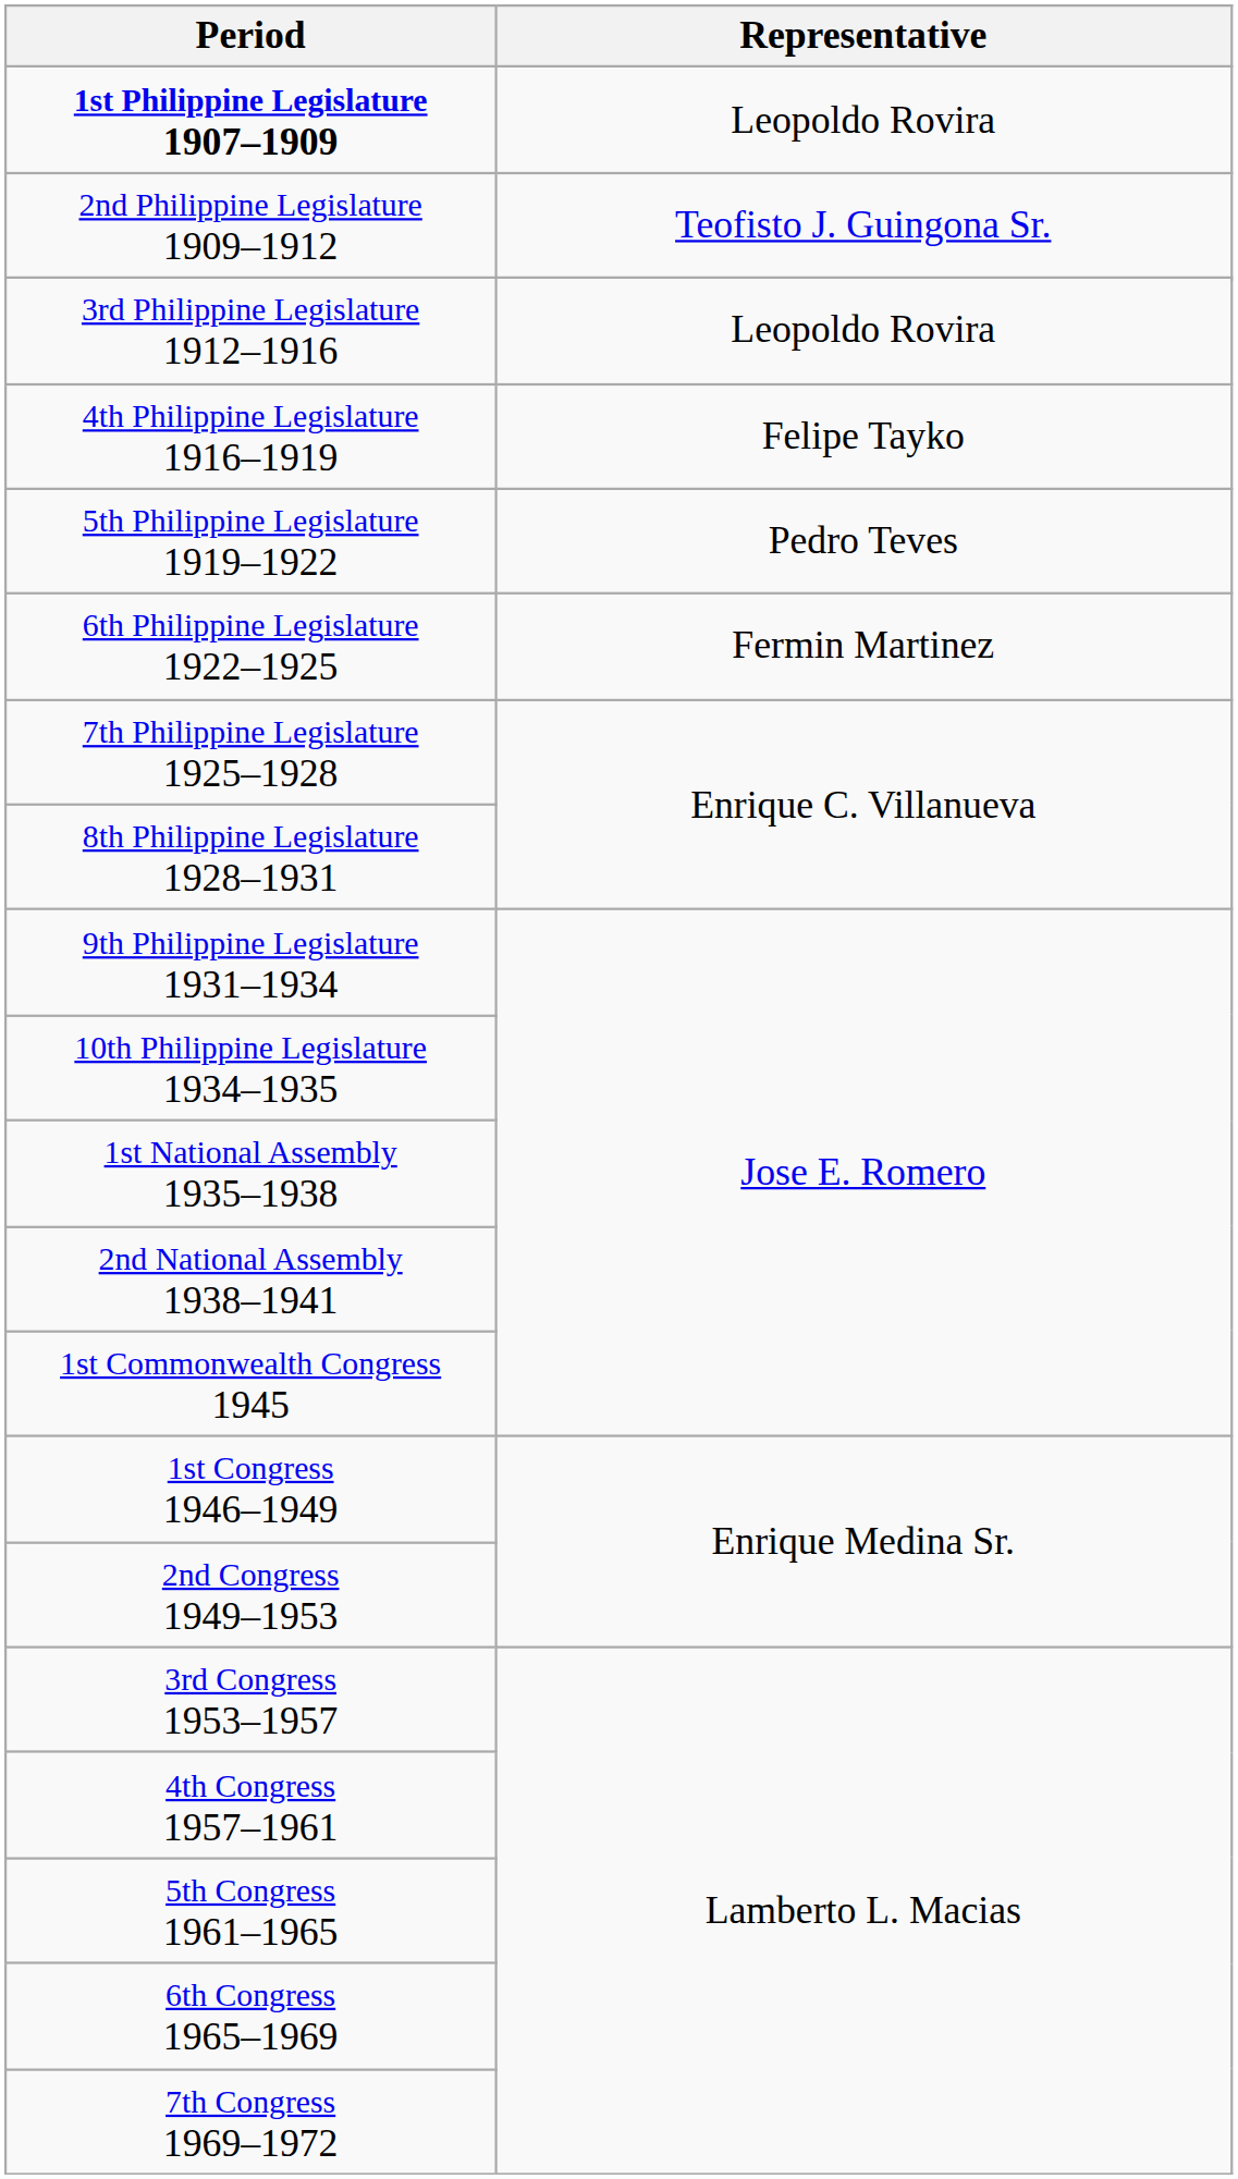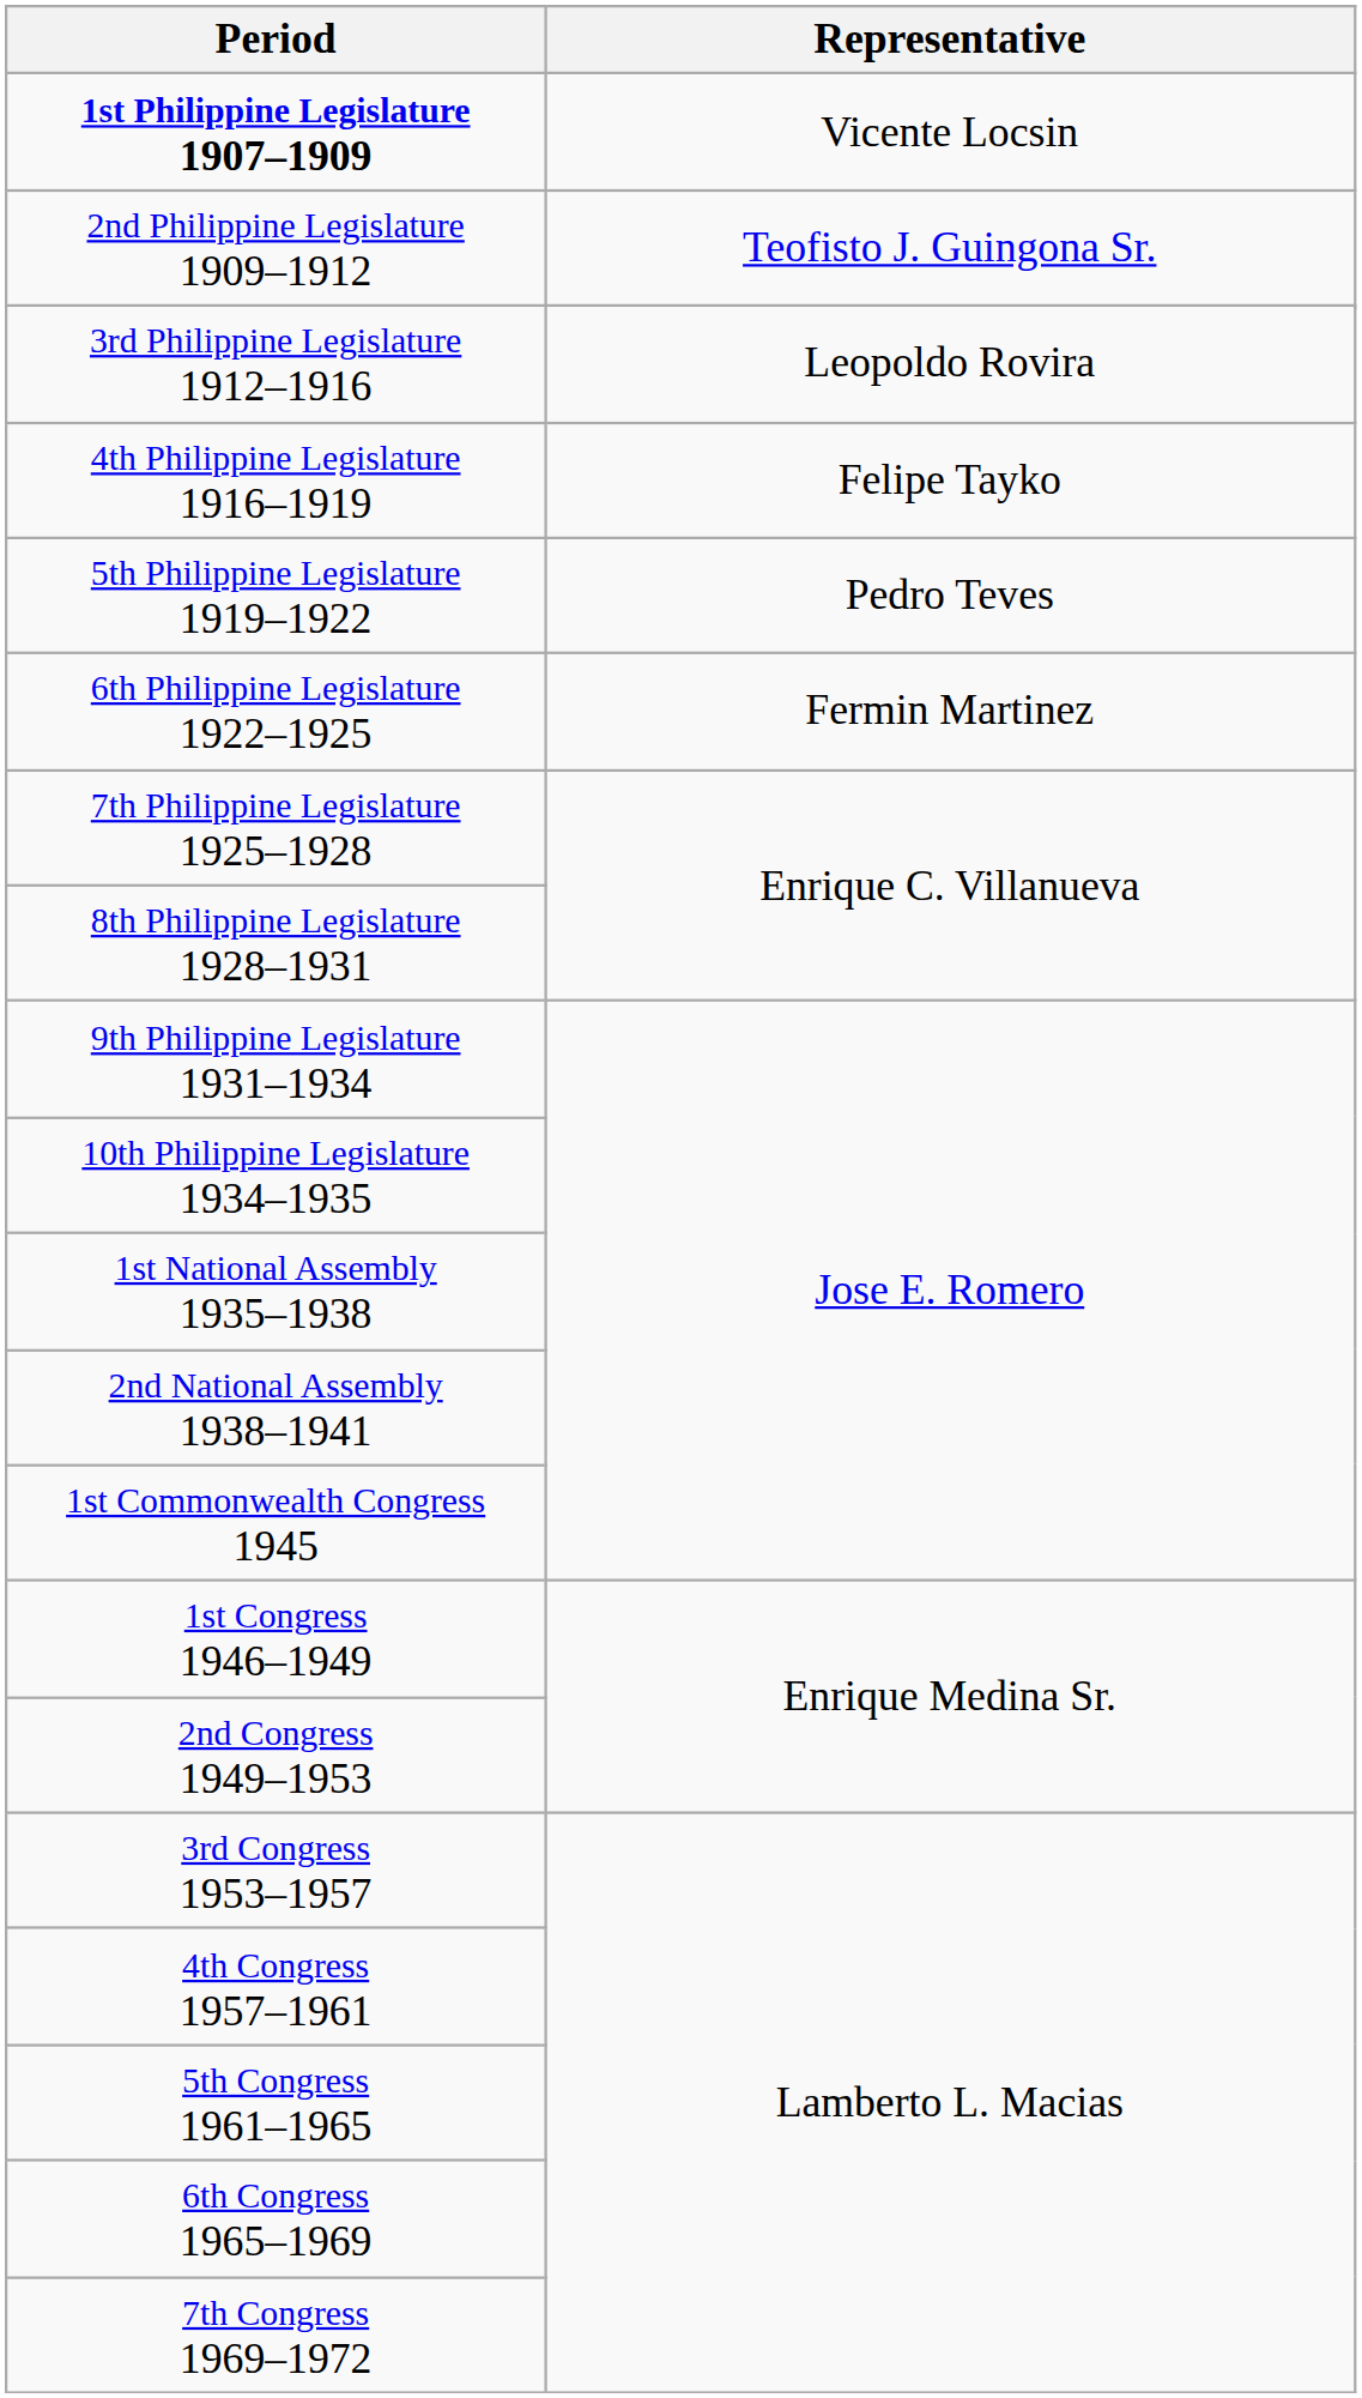 <table class="wikitable" style="text-align:center; width:40%;">
 <tr>
 <th width="40%">Period</th>
 <th>Representative</th>
 </tr>
 <tr>
 <td><strong><small><a href='#'>1st Philippine Legislature</a></small><br>1907–1909</strong></td>
-<td>Leopoldo Rovira</td>
+<td>Vicente Locsin</td>
 </tr>
 <tr>
 <td><small><a href='#'>2nd Philippine Legislature</a></small><br>1909–1912</td>
 <td rowspan="2"><a href='#'>Teofisto J. Guingona Sr.</a></td>
 </tr>
 <tr>
 <td rowspan="2"><small><a href='#'>3rd Philippine Legislature</a></small><br>1912–1916</td>
 </tr>
 <tr>
 <td>Leopoldo Rovira</td>
 </tr>
 <tr>
 <td><small><a href='#'>4th Philippine Legislature</a></small><br>1916–1919</td>
 <td>Felipe Tayko</td>
 </tr>
 <tr>
 <td><small><a href='#'>5th Philippine Legislature</a></small><br>1919–1922</td>
 <td>Pedro Teves</td>
 </tr>
 <tr>
 <td><small><a href='#'>6th Philippine Legislature</a></small><br>1922–1925</td>
 <td>Fermin Martinez</td>
 </tr>
 <tr>
 <td><small><a href='#'>7th Philippine Legislature</a></small><br>1925–1928</td>
 <td rowspan="2">Enrique C. Villanueva</td>
 </tr>
 <tr>
 <td><small><a href='#'>8th Philippine Legislature</a></small><br>1928–1931</td>
 </tr>
 <tr>
 <td><small><a href='#'>9th Philippine Legislature</a></small><br>1931–1934</td>
 <td rowspan="5"><a href='#'>Jose E. Romero</a></td>
 </tr>
 <tr>
 <td><small><a href='#'>10th Philippine Legislature</a></small><br>1934–1935</td>
 </tr>
 <tr>
 <td><small><a href='#'>1st National Assembly</a></small><br>1935–1938</td>
 </tr>
 <tr>
 <td><small><a href='#'>2nd National Assembly</a></small><br>1938–1941</td>
 </tr>
 <tr>
 <td><small><a href='#'>1st Commonwealth Congress</a></small><br>1945</td>
 </tr>
 <tr>
 <td><small><a href='#'>1st Congress</a></small><br>1946–1949</td>
 <td rowspan="2">Enrique Medina Sr.</td>
 </tr>
 <tr>
 <td><small><a href='#'>2nd Congress</a></small><br>1949–1953</td>
 </tr>
 <tr>
 <td><small><a href='#'>3rd Congress</a></small><br>1953–1957</td>
 <td rowspan="5">Lamberto L. Macias</td>
 </tr>
 <tr>
 <td><small><a href='#'>4th Congress</a></small><br>1957–1961</td>
 </tr>
 <tr>
 <td><small><a href='#'>5th Congress</a></small><br>1961–1965</td>
 </tr>
 <tr>
 <td><small><a href='#'>6th Congress</a></small><br>1965–1969</td>
 </tr>
 <tr>
 <td><small><a href='#'>7th Congress</a></small><br>1969–1972</td>
 </tr>
 </table>
